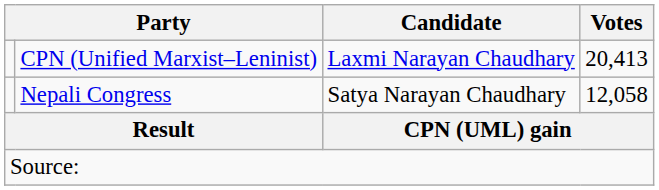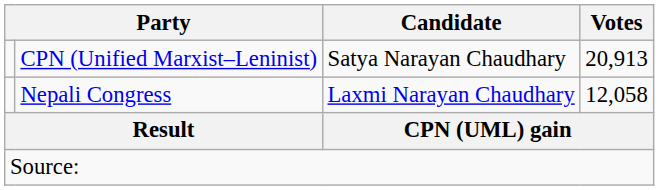 <table class="wikitable">
 <tr>
 <th colspan="2">Party</th>
 <th>Candidate</th>
 <th>Votes</th>
 </tr>
 <tr>
 <td style="background-color:"></td>
 <td><a href='#'>CPN (Unified Marxist–Leninist)</a></td>
-<td><a href='#'>Laxmi Narayan Chaudhary</a></td>
-<td>20,413</td>
+<td>Satya Narayan Chaudhary</td>
+<td>20,913</td>
 </tr>
 <tr>
 <td style="background-color:"></td>
 <td><a href='#'>Nepali Congress</a></td>
-<td>Satya Narayan Chaudhary</td>
+<td><a href='#'>Laxmi Narayan Chaudhary</a></td>
 <td>12,058</td>
 </tr>
 <tr>
 <th colspan="2">Result</th>
 <th colspan="2">CPN (UML) gain</th>
 </tr>
 <tr>
 <td colspan="4">Source: </td>
 </tr>
 </table>
